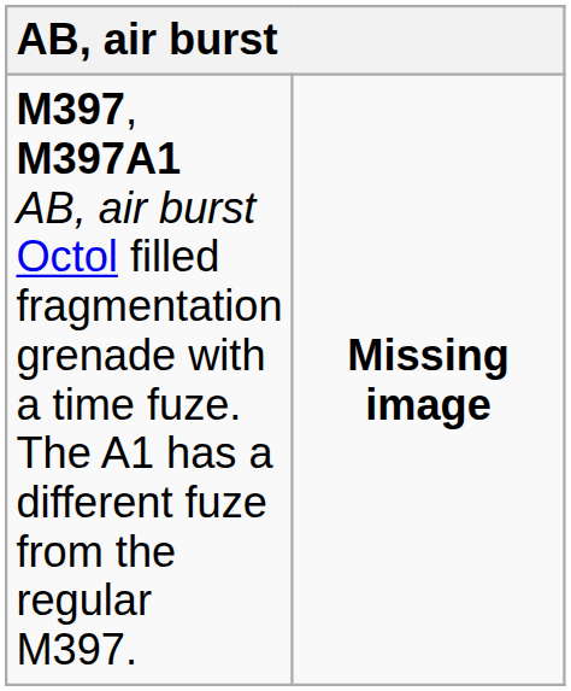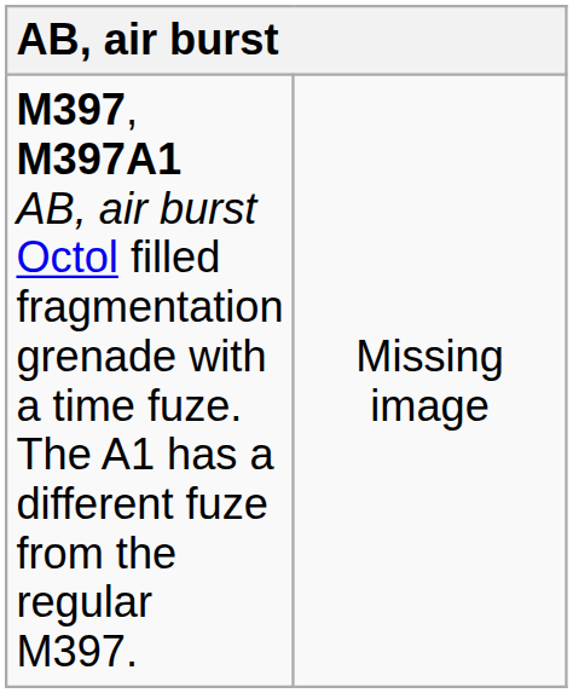 <table class="wikitable mw-collapsible mw-collapsed" style="width: 33%;">
 <tr>
 <th colspan="2" style="text-align: left;">AB, air burst</th>
 </tr>
 <tr>
 <td><strong>M397</strong>, <strong>M397A1</strong><br><em>AB, air burst</em><br><a href='#'>Octol</a> filled fragmentation grenade with a time fuze. The A1 has a different fuze from the regular M397.</td>
-<td style="width: 100px; text-align: center; vertical-align: center;"><strong>Missing image</strong></td>
+<td style="width: 100px; text-align: center; vertical-align: center;">Missing image</td>
 </tr>
 </table>
